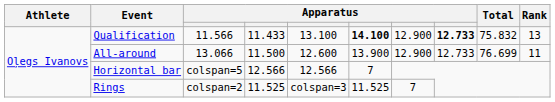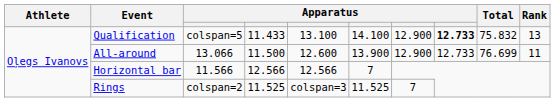 <table class="wikitable" style="text-align:center;font-size:90%">
 <tr>
 <th rowspan=2>Athlete</th>
 <th rowspan=2>Event</th>
 <th colspan=6>Apparatus</th>
 <th rowspan=2>Total</th>
 <th rowspan=2>Rank</th>
 </tr>
 <tr style="font-size:95%">
 <th></th>
 <th></th>
 <th></th>
 <th></th>
 <th></th>
 <th></th>
 </tr>
 <tr>
 <td rowspan=7 align=left><a href='#'>Oļegs Ivanovs</a></td>
 <td align=left><a href='#'>Qualification</a></td>
-<td>11.566</td>
+<td>colspan=5 </td>
 <td>11.433</td>
 <td>13.100</td>
-<td><strong>14.100</strong></td>
+<td>14.100</td>
 <td>12.900</td>
 <td><strong>12.733</strong></td>
 <td>75.832</td>
 <td>13</td>
 </tr>
 <tr>
 <td align=left><a href='#'>All-around</a></td>
 <td>13.066</td>
 <td>11.500</td>
 <td>12.600</td>
 <td>13.900</td>
 <td>12.900</td>
 <td>12.733</td>
 <td>76.699</td>
 <td>11</td>
 </tr>
 <tr>
 <td align=left><a href='#'>Horizontal bar</a></td>
-<td>colspan=5 </td>
+<td>11.566</td>
 <td>12.566</td>
 <td>12.566</td>
 <td>7</td>
 </tr>
 <tr>
 <td align=left><a href='#'>Rings</a></td>
 <td>colspan=2 </td>
 <td>11.525</td>
 <td>colspan=3 </td>
 <td>11.525</td>
 <td>7</td>
 </tr>
 </table>
